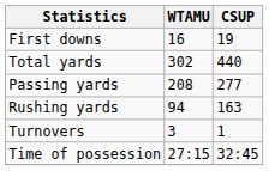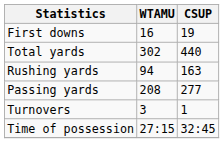 <table class="wikitable">
 <tr>
 <th>Statistics</th>
 <th>WTAMU</th>
 <th>CSUP</th>
 </tr>
 <tr>
 <td>First downs</td>
 <td>16</td>
 <td>19</td>
 </tr>
 <tr>
 <td>Total yards</td>
 <td>302</td>
 <td>440</td>
 </tr>
 <tr>
+<td>Rushing yards</td>
+<td>94</td>
+<td>163</td>
+</tr>
+<tr>
 <td>Passing yards</td>
 <td>208</td>
 <td>277</td>
-</tr>
-<tr>
-<td>Rushing yards</td>
-<td>94</td>
-<td>163</td>
 </tr>
 <tr>
 <td>Turnovers</td>
 <td>3</td>
 <td>1</td>
 </tr>
 <tr>
 <td>Time of possession</td>
 <td>27:15</td>
 <td>32:45</td>
 </tr>
 <tr>
 </tr>
 </table>
